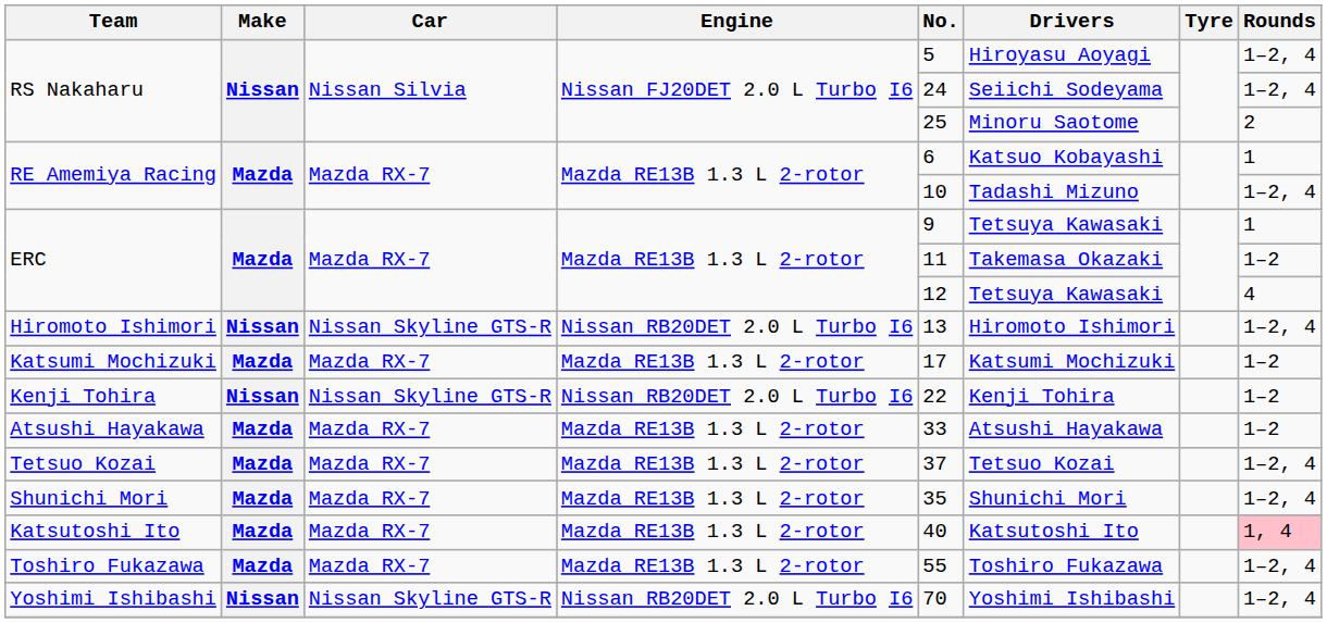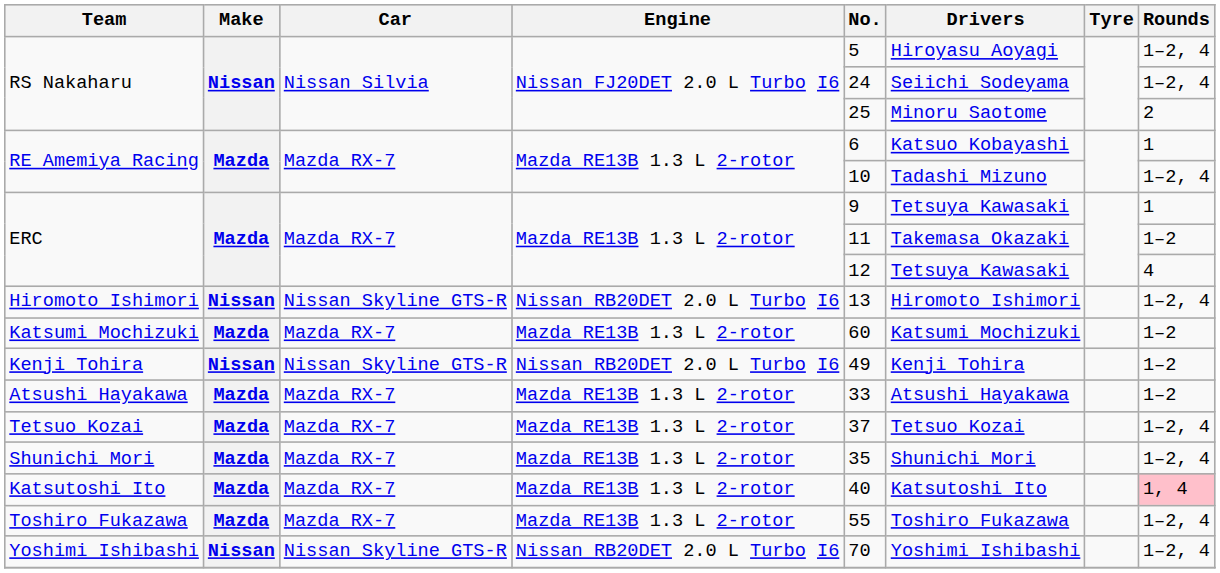 <table class="wikitable" style="font-size: 90%;">
 <tr>
 <th>Team</th>
 <th>Make</th>
 <th>Car</th>
 <th>Engine</th>
 <th>No.</th>
 <th>Drivers</th>
 <th>Tyre</th>
 <th>Rounds</th>
 </tr>
 <tr>
 <td rowspan=3>RS Nakaharu</td>
 <th rowspan=3><a href='#'>Nissan</a></th>
 <td rowspan=3><a href='#'>Nissan Silvia</a></td>
 <td rowspan=3><a href='#'>Nissan FJ20DET</a> 2.0 L <a href='#'>Turbo</a> <a href='#'>I6</a></td>
 <td rowspan=1>5</td>
 <td> <a href='#'>Hiroyasu Aoyagi</a></td>
 <td rowspan=3></td>
 <td>1–2, 4</td>
 </tr>
 <tr>
 <td rowspan=1>24</td>
 <td> <a href='#'>Seiichi Sodeyama</a></td>
 <td>1–2, 4</td>
 </tr>
 <tr>
 <td rowspan=1>25</td>
 <td> <a href='#'>Minoru Saotome</a></td>
 <td>2</td>
 </tr>
 <tr>
 <td rowspan=2><a href='#'>RE Amemiya Racing</a></td>
 <th rowspan=2><a href='#'>Mazda</a></th>
 <td rowspan=2><a href='#'>Mazda RX-7</a></td>
 <td rowspan=2><a href='#'>Mazda RE13B</a> 1.3 L <a href='#'>2-rotor</a></td>
 <td rowspan=1>6</td>
 <td> <a href='#'>Katsuo Kobayashi</a></td>
 <td rowspan=2></td>
 <td>1</td>
 </tr>
 <tr>
 <td rowspan=1>10</td>
 <td> <a href='#'>Tadashi Mizuno</a></td>
 <td>1–2, 4</td>
 </tr>
 <tr>
 <td rowspan=3>ERC</td>
 <th rowspan=3><a href='#'>Mazda</a></th>
 <td rowspan=3><a href='#'>Mazda RX-7</a></td>
 <td rowspan=3><a href='#'>Mazda RE13B</a> 1.3 L <a href='#'>2-rotor</a></td>
 <td rowspan=1>9</td>
 <td> <a href='#'>Tetsuya Kawasaki</a></td>
 <td rowspan=3></td>
 <td>1</td>
 </tr>
 <tr>
 <td rowspan=1>11</td>
 <td> <a href='#'>Takemasa Okazaki</a></td>
 <td>1–2</td>
 </tr>
 <tr>
 <td rowspan=1>12</td>
 <td> <a href='#'>Tetsuya Kawasaki</a></td>
 <td>4</td>
 </tr>
 <tr>
 <td rowspan=1><a href='#'>Hiromoto Ishimori</a></td>
 <th rowspan=1><a href='#'>Nissan</a></th>
 <td rowspan=1><a href='#'>Nissan Skyline GTS-R</a></td>
 <td rowspan=1><a href='#'>Nissan RB20DET</a> 2.0 L <a href='#'>Turbo</a> <a href='#'>I6</a></td>
 <td rowspan=1>13</td>
 <td> <a href='#'>Hiromoto Ishimori</a></td>
 <td></td>
 <td>1–2, 4</td>
 </tr>
 <tr>
 <td rowspan=1><a href='#'>Katsumi Mochizuki</a></td>
 <th rowspan=1><a href='#'>Mazda</a></th>
 <td rowspan=1><a href='#'>Mazda RX-7</a></td>
 <td rowspan=1><a href='#'>Mazda RE13B</a> 1.3 L <a href='#'>2-rotor</a></td>
-<td rowspan=1>17</td>
+<td rowspan=1>60</td>
 <td> <a href='#'>Katsumi Mochizuki</a></td>
 <td></td>
 <td>1–2</td>
 </tr>
 <tr>
 <td rowspan=1><a href='#'>Kenji Tohira</a></td>
 <th rowspan=1><a href='#'>Nissan</a></th>
 <td rowspan=1><a href='#'>Nissan Skyline GTS-R</a></td>
 <td rowspan=1><a href='#'>Nissan RB20DET</a> 2.0 L <a href='#'>Turbo</a> <a href='#'>I6</a></td>
-<td rowspan=1>22</td>
+<td rowspan=1>49</td>
 <td> <a href='#'>Kenji Tohira</a></td>
 <td></td>
 <td>1–2</td>
 </tr>
 <tr>
 <td rowspan=1><a href='#'>Atsushi Hayakawa</a></td>
 <th rowspan=1><a href='#'>Mazda</a></th>
 <td rowspan=1><a href='#'>Mazda RX-7</a></td>
 <td rowspan=1><a href='#'>Mazda RE13B</a> 1.3 L <a href='#'>2-rotor</a></td>
 <td rowspan=1>33</td>
 <td> <a href='#'>Atsushi Hayakawa</a></td>
 <td></td>
 <td>1–2</td>
 </tr>
 <tr>
 <td rowspan=1><a href='#'>Tetsuo Kozai</a></td>
 <th rowspan=1><a href='#'>Mazda</a></th>
 <td rowspan=1><a href='#'>Mazda RX-7</a></td>
 <td rowspan=1><a href='#'>Mazda RE13B</a> 1.3 L <a href='#'>2-rotor</a></td>
 <td rowspan=1>37</td>
 <td> <a href='#'>Tetsuo Kozai</a></td>
 <td></td>
 <td>1–2, 4</td>
 </tr>
 <tr>
 <td rowspan=1><a href='#'>Shunichi Mori</a></td>
 <th rowspan=1><a href='#'>Mazda</a></th>
 <td rowspan=1><a href='#'>Mazda RX-7</a></td>
 <td rowspan=1><a href='#'>Mazda RE13B</a> 1.3 L <a href='#'>2-rotor</a></td>
 <td rowspan=1>35</td>
 <td> <a href='#'>Shunichi Mori</a></td>
 <td></td>
 <td>1–2, 4</td>
 </tr>
 <tr>
 <td rowspan=1><a href='#'>Katsutoshi Ito</a></td>
 <th rowspan=1><a href='#'>Mazda</a></th>
 <td rowspan=1><a href='#'>Mazda RX-7</a></td>
 <td rowspan=1><a href='#'>Mazda RE13B</a> 1.3 L <a href='#'>2-rotor</a></td>
 <td rowspan=1>40</td>
 <td> <a href='#'>Katsutoshi Ito</a></td>
 <td></td>
 <td style="background: pink;">1, 4</td>
 </tr>
 <tr>
 <td rowspan=1><a href='#'>Toshiro Fukazawa</a></td>
 <th rowspan=1><a href='#'>Mazda</a></th>
 <td rowspan=1><a href='#'>Mazda RX-7</a></td>
 <td rowspan=1><a href='#'>Mazda RE13B</a> 1.3 L <a href='#'>2-rotor</a></td>
 <td rowspan=1>55</td>
 <td> <a href='#'>Toshiro Fukazawa</a></td>
 <td></td>
 <td>1–2, 4</td>
 </tr>
 <tr>
 <td rowspan=1><a href='#'>Yoshimi Ishibashi</a></td>
 <th rowspan=1><a href='#'>Nissan</a></th>
 <td rowspan=1><a href='#'>Nissan Skyline GTS-R</a></td>
 <td rowspan=1><a href='#'>Nissan RB20DET</a> 2.0 L <a href='#'>Turbo</a> <a href='#'>I6</a></td>
 <td rowspan=1>70</td>
 <td> <a href='#'>Yoshimi Ishibashi</a></td>
 <td></td>
 <td>1–2, 4</td>
 </tr>
 <tr>
 </tr>
 </table>
